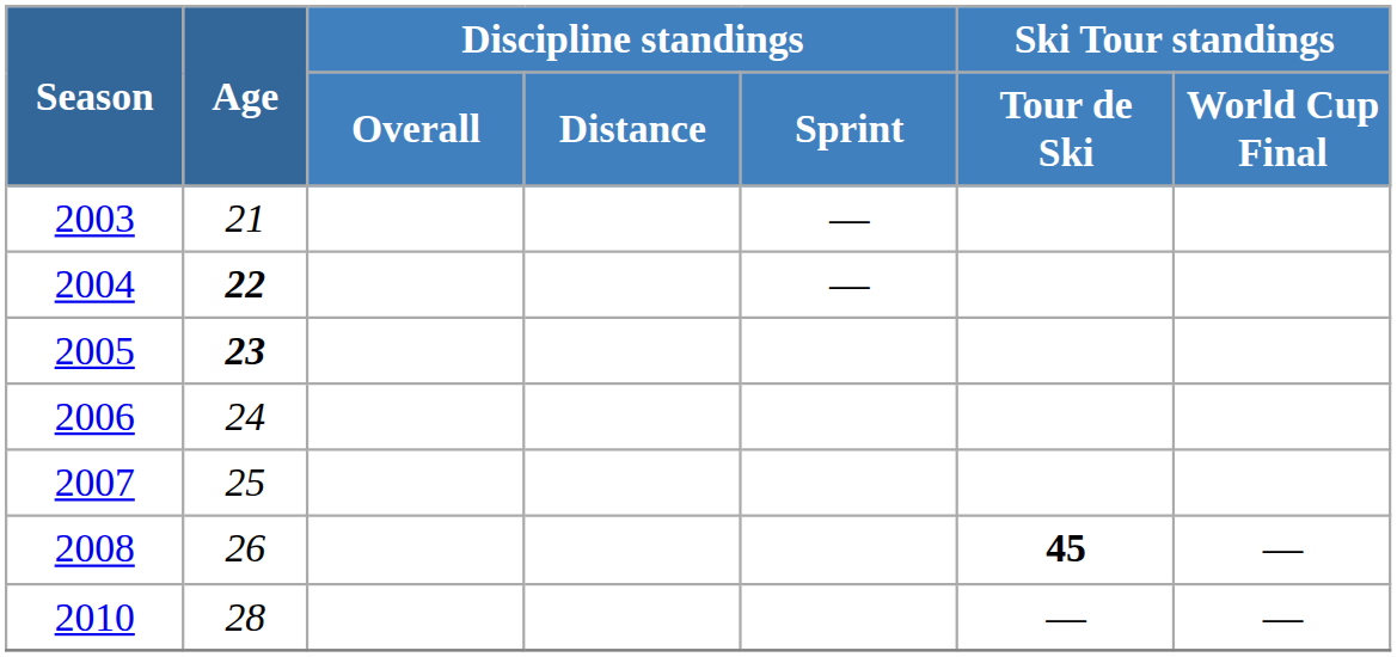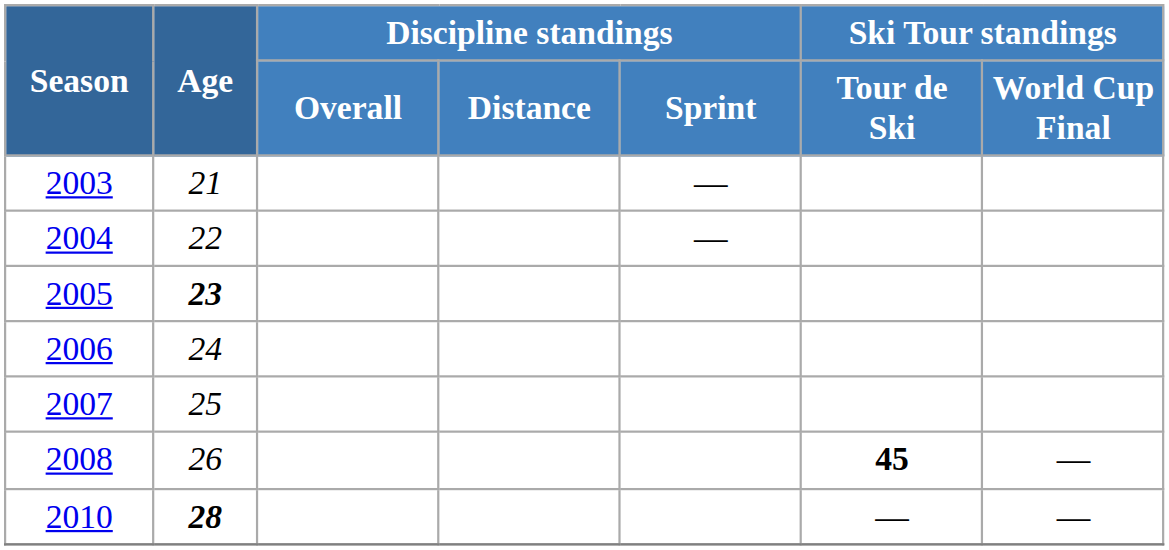 <table class="wikitable" style="font-size:95%; text-align:center; border:grey solid 1px; border-collapse:collapse; background:#ffffff;">
 <tr>
 <th style="background-color:#369; color:white; width:60px;" rowspan="2"> Season </th>
 <th style="background-color:#369; color:white; width:40px;" rowspan="2"> Age </th>
 <th style="background-color:#4180be; color:white;" colspan="3">Discipline standings</th>
 <th style="background-color:#4180be; color:white;" colspan="2">Ski Tour standings</th>
 </tr>
 <tr>
 <th style="background-color:#4180be; color:white; width:75px;">Overall</th>
 <th style="background-color:#4180be; color:white; width:75px;">Distance</th>
 <th style="background-color:#4180be; color:white; width:75px;">Sprint</th>
 <th style="background-color:#4180be; color:white; width:75px;">Tour de<br>Ski</th>
 <th style="background-color:#4180be; color:white; width:75px;">World Cup<br>Final</th>
 </tr>
 <tr>
 <td><a href='#'>2003</a></td>
 <td><em>21</em></td>
 <td></td>
 <td></td>
 <td>—</td>
 <td></td>
 <td></td>
 </tr>
 <tr>
 <td><a href='#'>2004</a></td>
-<td><strong><em>22</em></strong></td>
+<td><em>22</em></td>
 <td></td>
 <td></td>
 <td>—</td>
 <td></td>
 <td></td>
 </tr>
 <tr>
 <td><a href='#'>2005</a></td>
 <td><strong><em>23</em></strong></td>
 <td></td>
 <td></td>
 <td></td>
 <td></td>
 <td></td>
 </tr>
 <tr>
 <td><a href='#'>2006</a></td>
 <td><em>24</em></td>
 <td></td>
 <td></td>
 <td></td>
 <td></td>
 <td></td>
 </tr>
 <tr>
 <td><a href='#'>2007</a></td>
 <td><em>25</em></td>
 <td></td>
 <td></td>
 <td></td>
 <td></td>
 <td></td>
 </tr>
 <tr>
 <td><a href='#'>2008</a></td>
 <td><em>26</em></td>
 <td></td>
 <td></td>
 <td></td>
 <td><strong>45</strong></td>
 <td>—</td>
 </tr>
 <tr>
 <td><a href='#'>2010</a></td>
-<td><em>28</em></td>
+<td><strong><em>28</em></strong></td>
 <td></td>
 <td></td>
 <td></td>
 <td>—</td>
 <td>—</td>
 </tr>
 <tr>
 </tr>
 </table>
